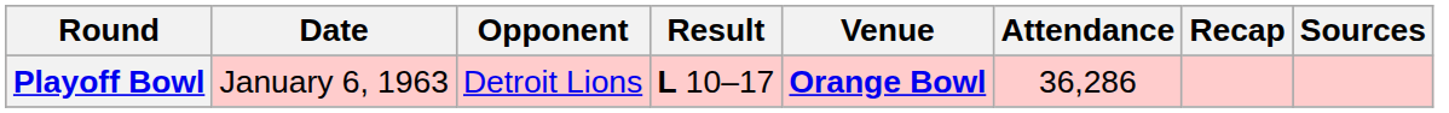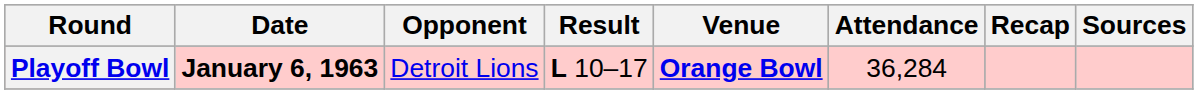 <table class="wikitable" style="text-align:center">
 <tr>
 <th>Round</th>
 <th>Date</th>
 <th>Opponent</th>
 <th>Result</th>
 <th>Venue</th>
 <th>Attendance</th>
 <th>Recap</th>
 <th>Sources</th>
 </tr>
 <tr style="background:#fcc">
 <th><a href='#'>Playoff Bowl</a></th>
-<td>January 6, 1963</td>
+<td><strong>January 6, 1963</strong></td>
 <td><a href='#'>Detroit Lions</a></td>
 <td><strong>L</strong> 10–17</td>
 <td><strong><a href='#'>Orange Bowl</a></strong></td>
-<td>36,286</td>
+<td>36,284</td>
 <td></td>
 <td></td>
 </tr>
 </table>
